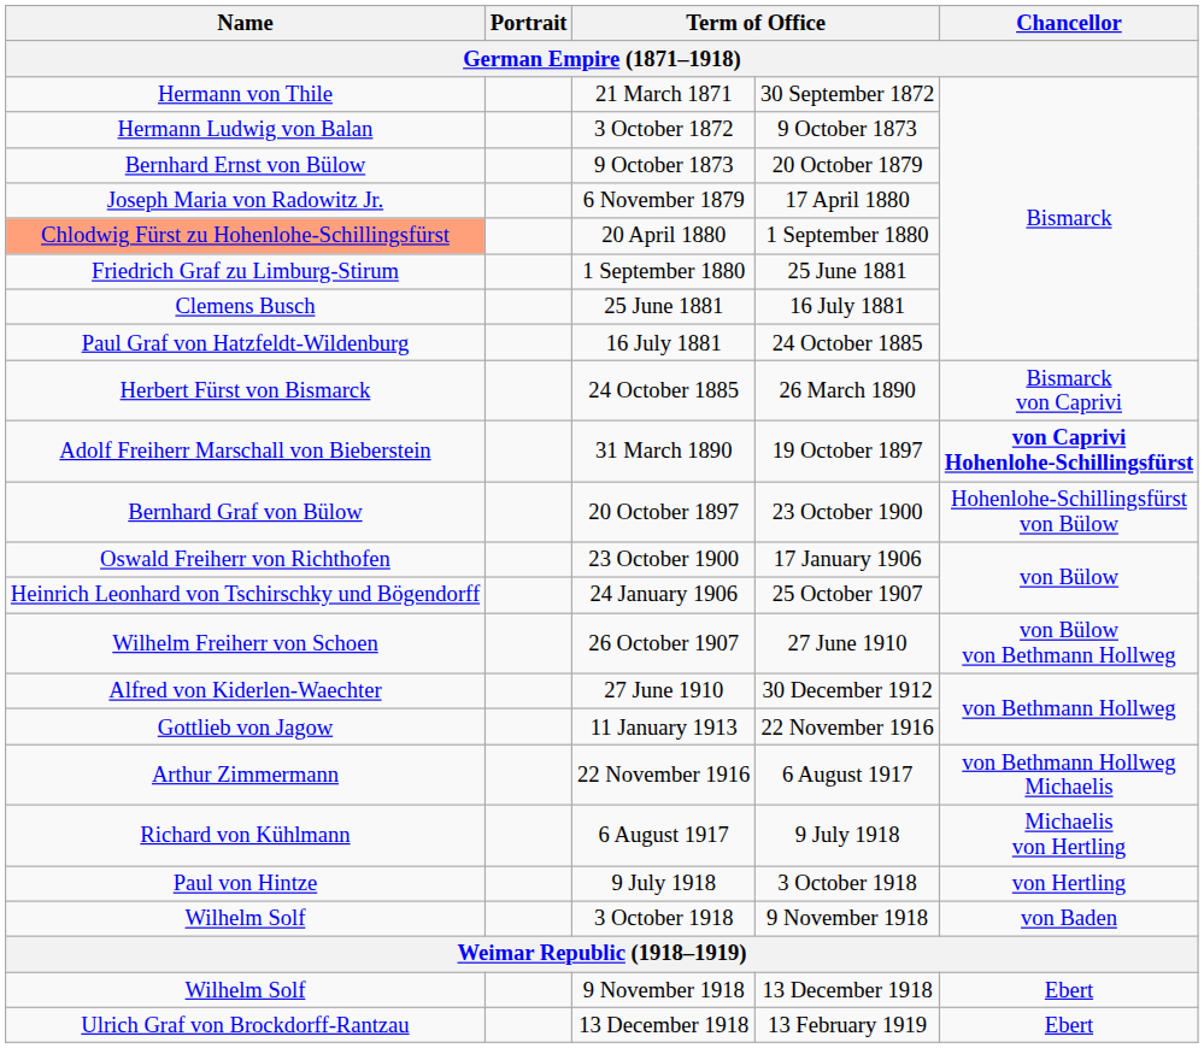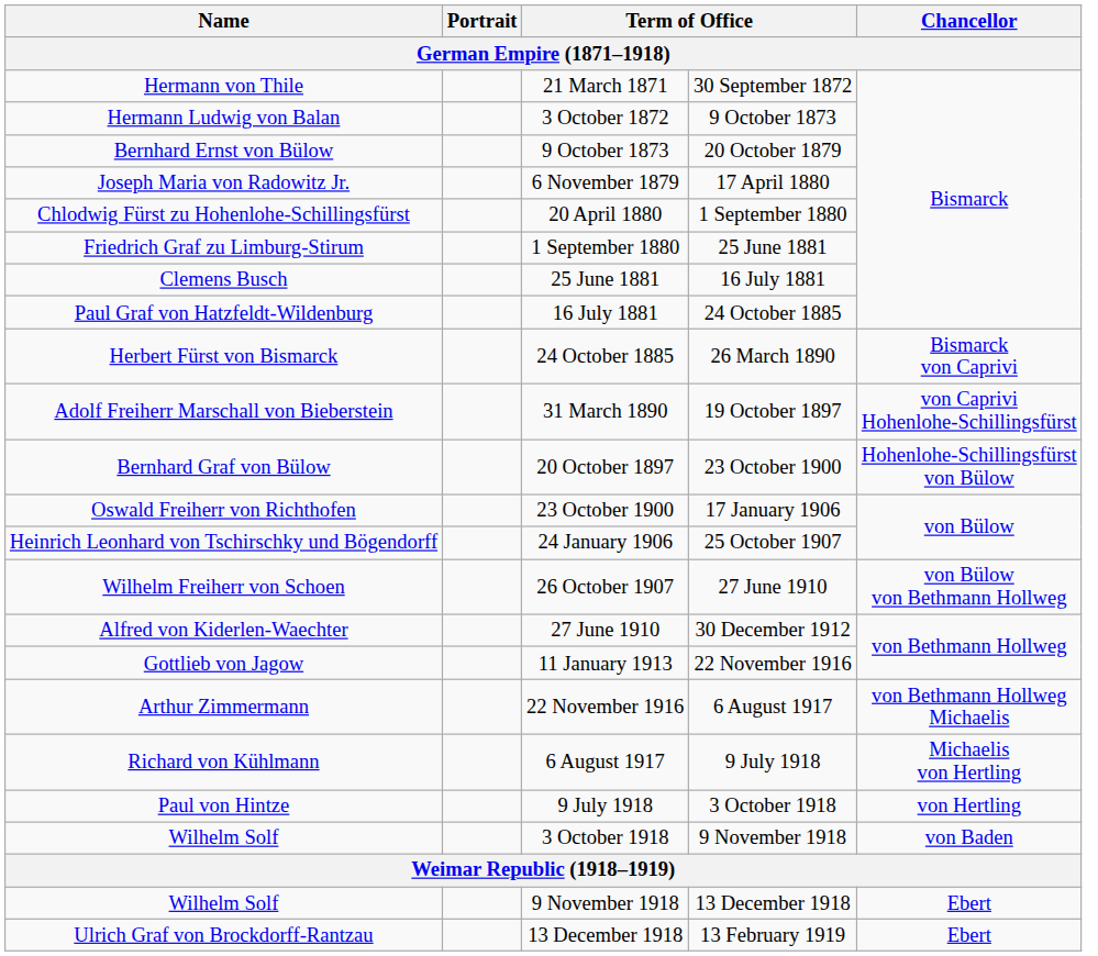 <table class="wikitable" style="text-align:center;">
 <tr>
 <th>Name<br></th>
 <th>Portrait</th>
 <th colspan=2>Term of Office</th>
 <th><a href='#'>Chancellor</a></th>
 </tr>
 <tr>
 <th colspan="7"><a href='#'>German Empire</a> (1871–1918)</th>
 </tr>
 <tr>
 <td><a href='#'>Hermann von Thile</a><br></td>
 <td></td>
 <td>21 March 1871</td>
 <td>30 September 1872</td>
 <td rowspan=8><a href='#'>Bismarck</a></td>
 </tr>
 <tr>
 <td><a href='#'>Hermann Ludwig von Balan</a><br></td>
 <td></td>
 <td>3 October 1872</td>
 <td>9 October 1873</td>
 </tr>
 <tr>
 <td><a href='#'>Bernhard Ernst von Bülow</a><br></td>
 <td></td>
 <td>9 October 1873</td>
 <td>20 October 1879</td>
 </tr>
 <tr>
 <td><a href='#'>Joseph Maria von Radowitz Jr.</a><br></td>
 <td></td>
 <td>6 November 1879</td>
 <td>17 April 1880</td>
 </tr>
 <tr>
-<td style="background: lightsalmon;"><a href='#'>Chlodwig Fürst zu Hohenlohe-Schillingsfürst</a><br></td>
+<td><a href='#'>Chlodwig Fürst zu Hohenlohe-Schillingsfürst</a><br></td>
 <td></td>
 <td>20 April 1880</td>
 <td>1 September 1880</td>
 </tr>
 <tr>
 <td><a href='#'>Friedrich Graf zu Limburg-Stirum</a><br></td>
 <td></td>
 <td>1 September 1880</td>
 <td>25 June 1881</td>
 </tr>
 <tr>
 <td><a href='#'>Clemens Busch</a><br></td>
 <td></td>
 <td>25 June 1881</td>
 <td>16 July 1881</td>
 </tr>
 <tr>
 <td><a href='#'>Paul Graf von Hatzfeldt-Wildenburg</a><br></td>
 <td></td>
 <td>16 July 1881</td>
 <td>24 October 1885</td>
 </tr>
 <tr>
 <td><a href='#'>Herbert Fürst von Bismarck</a><br></td>
 <td></td>
 <td>24 October 1885</td>
 <td>26 March 1890</td>
 <td><a href='#'>Bismarck</a> <br> <a href='#'>von Caprivi</a></td>
 </tr>
 <tr>
 <td><a href='#'>Adolf Freiherr Marschall von Bieberstein</a><br></td>
 <td></td>
 <td>31 March 1890</td>
 <td>19 October 1897</td>
-<td><strong><a href='#'>von Caprivi</a> <br> <a href='#'>Hohenlohe-Schillingsfürst</a></strong></td>
+<td><a href='#'>von Caprivi</a> <br> <a href='#'>Hohenlohe-Schillingsfürst</a></td>
 </tr>
 <tr>
 <td><a href='#'>Bernhard Graf von Bülow</a><br></td>
 <td></td>
 <td>20 October 1897</td>
 <td>23 October 1900</td>
 <td><a href='#'>Hohenlohe-Schillingsfürst</a> <br> <a href='#'>von Bülow</a></td>
 </tr>
 <tr>
 <td><a href='#'>Oswald Freiherr von Richthofen</a><br></td>
 <td></td>
 <td>23 October 1900</td>
 <td>17 January 1906</td>
 <td rowspan=2><a href='#'>von Bülow</a></td>
 </tr>
 <tr>
 <td><a href='#'>Heinrich Leonhard von Tschirschky und Bögendorff</a><br></td>
 <td></td>
 <td>24 January 1906</td>
 <td>25 October 1907</td>
 </tr>
 <tr>
 <td><a href='#'>Wilhelm Freiherr von Schoen</a><br></td>
 <td></td>
 <td>26 October 1907</td>
 <td>27 June 1910</td>
 <td><a href='#'>von Bülow</a> <br> <a href='#'>von Bethmann Hollweg</a></td>
 </tr>
 <tr>
 <td><a href='#'>Alfred von Kiderlen-Waechter</a><br></td>
 <td></td>
 <td>27 June 1910</td>
 <td>30 December 1912</td>
 <td rowspan=2><a href='#'>von Bethmann Hollweg</a></td>
 </tr>
 <tr>
 <td><a href='#'>Gottlieb von Jagow</a><br></td>
 <td></td>
 <td>11 January 1913</td>
 <td>22 November 1916</td>
 </tr>
 <tr>
 <td><a href='#'>Arthur Zimmermann</a><br></td>
 <td></td>
 <td>22 November 1916</td>
 <td>6 August 1917</td>
 <td><a href='#'>von Bethmann Hollweg</a> <br> <a href='#'>Michaelis</a></td>
 </tr>
 <tr>
 <td><a href='#'>Richard von Kühlmann</a><br></td>
 <td></td>
 <td>6 August 1917</td>
 <td>9 July 1918</td>
 <td><a href='#'>Michaelis</a> <br> <a href='#'>von Hertling</a><br></td>
 </tr>
 <tr>
 <td><a href='#'>Paul von Hintze</a><br></td>
 <td></td>
 <td>9 July 1918</td>
 <td>3 October 1918</td>
 <td><a href='#'>von Hertling</a><br></td>
 </tr>
 <tr>
 <td><a href='#'>Wilhelm Solf</a><br></td>
 <td></td>
 <td>3 October 1918</td>
 <td>9 November 1918</td>
 <td><a href='#'>von Baden</a><br></td>
 </tr>
 <tr>
 <th colspan="7"><a href='#'>Weimar Republic</a> (1918–1919)</th>
 </tr>
 <tr>
 <td><a href='#'>Wilhelm Solf</a><br></td>
 <td></td>
 <td>9 November 1918</td>
 <td>13 December 1918</td>
 <td><a href='#'>Ebert</a><br></td>
 </tr>
 <tr>
 <td><a href='#'>Ulrich Graf von Brockdorff-Rantzau</a> <br></td>
 <td></td>
 <td>13 December 1918</td>
 <td>13 February 1919</td>
 <td><a href='#'>Ebert</a><br></td>
 </tr>
 </table>
